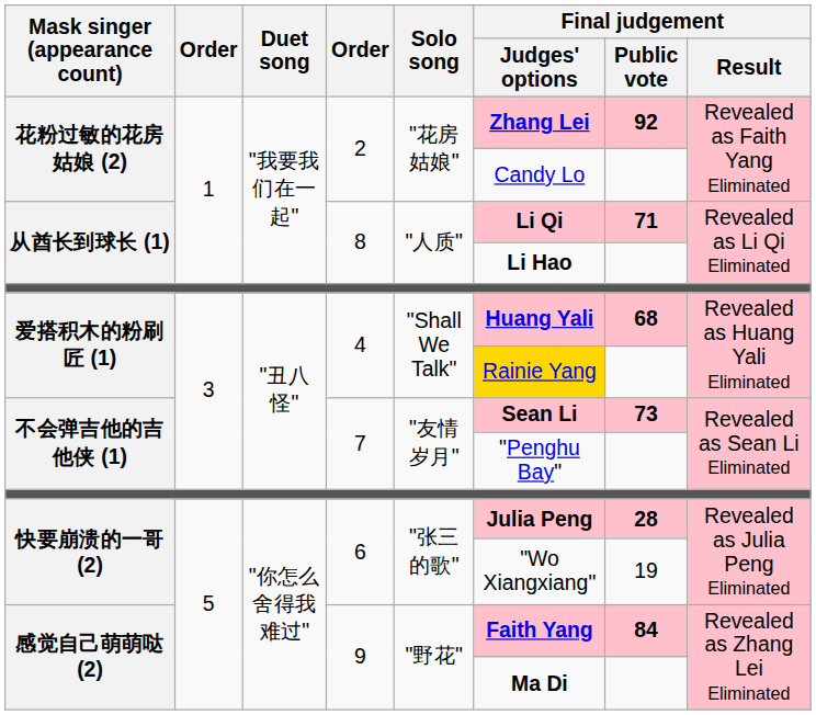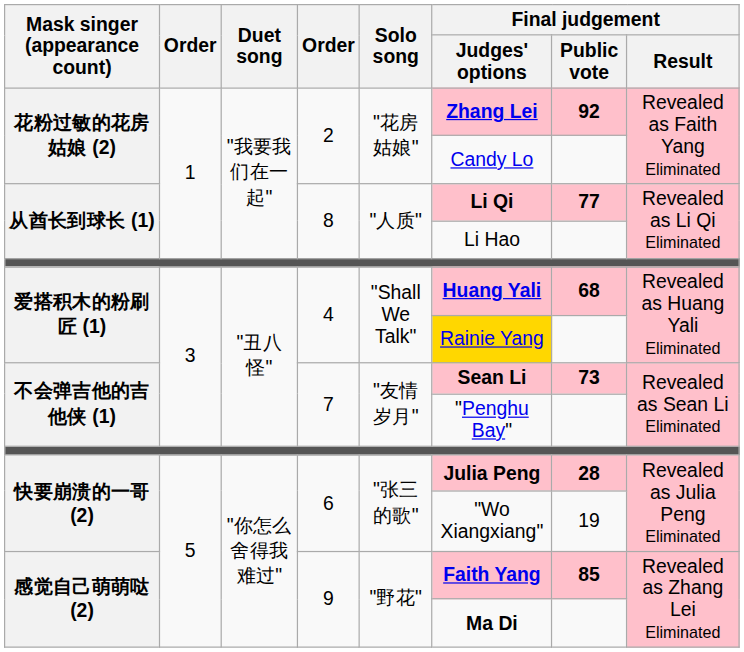 <table class="wikitable plainrowheaders" style="text-align:center;">
 <tr>
 <th rowspan=2 scope="col">Mask singer (appearance count)</th>
 <th rowspan=2 scope="col">Order</th>
 <th rowspan=2 scope="col">Duet song</th>
 <th rowspan=2 scope="col">Order</th>
 <th rowspan=2 scope="col">Solo song</th>
 <th scope="col" colspan=3>Final judgement</th>
 </tr>
 <tr>
 <th scope="col">Judges' options</th>
 <th scope="col">Public vote</th>
 <th scope="col">Result</th>
 </tr>
 <tr>
 <th rowspan=2 scope="row">花粉过敏的花房姑娘 (2)</th>
 <td rowspan=4>1</td>
 <td rowspan=4>"我要我们在一起"</td>
 <td rowspan=2>2</td>
 <td rowspan=2>"花房姑娘"</td>
 <td style="background:pink;"><strong><a href='#'>Zhang Lei</a></strong></td>
 <td style="background:pink;"><strong>92</strong></td>
 <td rowspan=2 style="background:pink;">Revealed as Faith Yang<br><small>Eliminated</small></td>
 </tr>
 <tr>
 <td><a href='#'>Candy Lo</a></td>
 <td></td>
 </tr>
 <tr>
 <th rowspan=2 scope="row">从酋长到球长 (1)</th>
 <td rowspan=2>8</td>
 <td rowspan=2>"人质"</td>
 <td style="background:pink;"><strong>Li Qi</strong></td>
-<td style="background:pink;"><strong>71</strong></td>
+<td style="background:pink;"><strong>77</strong></td>
 <td rowspan=2 style="background:pink;">Revealed as Li Qi<br><small>Eliminated</small></td>
 </tr>
 <tr>
-<td><strong>Li Hao</strong></td>
+<td>Li Hao</td>
 <td></td>
 </tr>
 <tr>
 <td colspan="8" style="background:#555;"></td>
 </tr>
 <tr>
 <th rowspan=2 scope="row">爱搭积木的粉刷匠 (1) </th>
 <td rowspan=4>3</td>
 <td rowspan=4>"丑八怪"</td>
 <td rowspan=2>4</td>
 <td rowspan=2>"Shall We Talk"</td>
 <td style="background:pink;"><strong><a href='#'>Huang Yali</a></strong></td>
 <td style="background:pink;"><strong>68</strong></td>
 <td rowspan=2 style="background:pink;">Revealed as Huang Yali<br><small>Eliminated</small></td>
 </tr>
 <tr>
 <td style="background: gold;"><a href='#'>Rainie Yang</a></td>
 <td></td>
 </tr>
 <tr>
 <th rowspan=2 scope="row">不会弹吉他的吉他侠 (1)</th>
 <td rowspan=2>7</td>
 <td rowspan=2>"友情岁月"</td>
 <td style="background:pink;"><strong>Sean Li</strong></td>
 <td style="background:pink;"><strong>73</strong></td>
 <td rowspan=2 style="background:pink;">Revealed as Sean Li<br><small>Eliminated</small></td>
 </tr>
 <tr>
 <td>"<a href='#'>Penghu Bay</a>"</td>
 <td></td>
 </tr>
 <tr>
 <td colspan="8" style="background:#555;"></td>
 </tr>
 <tr>
 <th rowspan=2 scope="row">快要崩溃的一哥 (2)</th>
 <td rowspan=4>5</td>
 <td rowspan=4>"你怎么舍得我难过"</td>
 <td rowspan=2>6</td>
 <td rowspan=2>"张三的歌"</td>
 <td style="background:pink;"><strong>Julia Peng</strong></td>
 <td style="background:pink;"><strong>28</strong></td>
 <td rowspan=2 style="background:pink;">Revealed as Julia Peng<br><small>Eliminated</small></td>
 </tr>
 <tr>
 <td>"Wo Xiangxiang"</td>
 <td>19</td>
 </tr>
 <tr>
 <th rowspan=2 scope="row">感觉自己萌萌哒 (2)</th>
 <td rowspan=2>9</td>
 <td rowspan=2>"野花"</td>
 <td style="background:pink;"><strong><a href='#'>Faith Yang</a></strong></td>
-<td style="background:pink;"><strong>84</strong></td>
+<td style="background:pink;"><strong>85</strong></td>
 <td rowspan=2 style="background:pink;">Revealed as Zhang Lei<br><small>Eliminated</small></td>
 </tr>
 <tr>
 <td><strong>Ma Di</strong></td>
 <td></td>
 </tr>
 </table>
